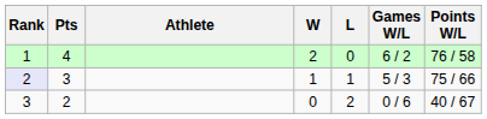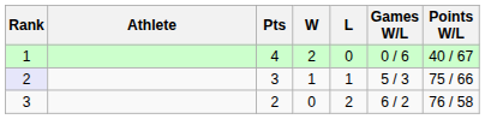 <table class="wikitable" style="text-align: center; font-size:90% ">
 <tr>
 <th width="20">Rank</th>
+<th width="200">Athlete</th>
 <th width="30">Pts</th>
-<th width="200">Athlete</th>
 <th width="30">W</th>
 <th width="30">L</th>
 <th width="40">Games<br>W/L</th>
 <th width="50">Points<br>W/L</th>
 </tr>
 <tr bgcolor=#ccffcc>
 <td>1</td>
+<td align=left></td>
 <td>4</td>
-<td align=left></td>
 <td>2</td>
 <td>0</td>
-<td>6 / 2</td>
-<td>76 / 58</td>
+<td>0 / 6</td>
+<td>40 / 67</td>
 </tr>
 <tr>
 <td style="background: lavender;">2</td>
+<td align=left></td>
 <td>3</td>
-<td align=left></td>
 <td>1</td>
 <td>1</td>
 <td>5 / 3</td>
 <td>75 / 66</td>
 </tr>
 <tr>
 <td>3</td>
+<td align=left></td>
 <td>2</td>
-<td align=left></td>
 <td>0</td>
 <td>2</td>
-<td>0 / 6</td>
-<td>40 / 67</td>
+<td>6 / 2</td>
+<td>76 / 58</td>
 </tr>
 </table>
